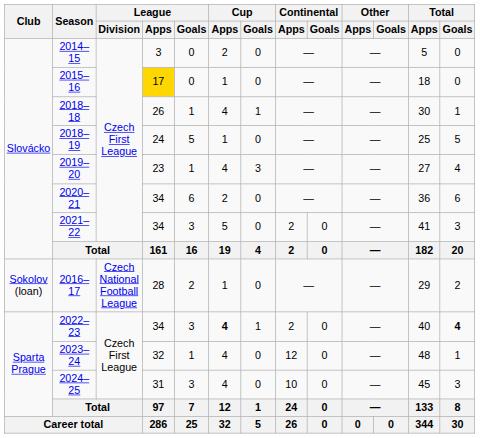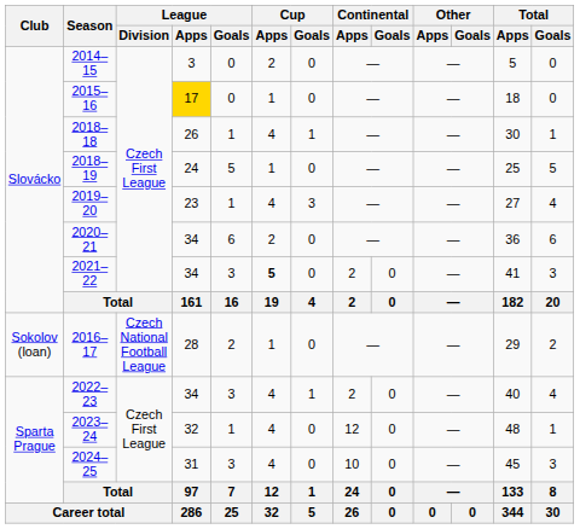 <table class="wikitable" style="text-align:center">
 <tr>
 <th rowspan="2">Club</th>
 <th rowspan="2">Season</th>
 <th colspan="3">League</th>
 <th colspan="2">Cup</th>
 <th colspan="2">Continental</th>
 <th colspan="2">Other</th>
 <th colspan="2">Total</th>
 </tr>
 <tr>
 <th>Division</th>
 <th>Apps</th>
 <th>Goals</th>
 <th>Apps</th>
 <th>Goals</th>
 <th>Apps</th>
 <th>Goals</th>
 <th>Apps</th>
 <th>Goals</th>
 <th>Apps</th>
 <th>Goals</th>
 </tr>
 <tr>
 <td rowspan="8"><a href='#'>Slovácko</a></td>
 <td><a href='#'>2014–15</a></td>
 <td rowspan="7"><a href='#'>Czech First League</a></td>
 <td>3</td>
 <td>0</td>
 <td>2</td>
 <td>0</td>
 <td colspan="2">—</td>
 <td colspan="2">—</td>
 <td>5</td>
 <td>0</td>
 </tr>
 <tr>
 <td><a href='#'>2015–16</a></td>
 <td style="background: gold;">17</td>
 <td>0</td>
 <td>1</td>
 <td>0</td>
 <td colspan="2">—</td>
 <td colspan="2">—</td>
 <td>18</td>
 <td>0</td>
 </tr>
 <tr>
 <td><a href='#'>2018–18</a></td>
 <td>26</td>
 <td>1</td>
 <td>4</td>
 <td>1</td>
 <td colspan="2">—</td>
 <td colspan="2">—</td>
 <td>30</td>
 <td>1</td>
 </tr>
 <tr>
 <td><a href='#'>2018–19</a></td>
 <td>24</td>
 <td>5</td>
 <td>1</td>
 <td>0</td>
 <td colspan="2">—</td>
 <td colspan="2">—</td>
 <td>25</td>
 <td>5</td>
 </tr>
 <tr>
 <td><a href='#'>2019–20</a></td>
 <td>23</td>
 <td>1</td>
 <td>4</td>
 <td>3</td>
 <td colspan="2">—</td>
 <td colspan="2">—</td>
 <td>27</td>
 <td>4</td>
 </tr>
 <tr>
 <td><a href='#'>2020–21</a></td>
 <td>34</td>
 <td>6</td>
 <td>2</td>
 <td>0</td>
 <td colspan="2">—</td>
 <td colspan="2">—</td>
 <td>36</td>
 <td>6</td>
 </tr>
 <tr>
 <td><a href='#'>2021–22</a></td>
 <td>34</td>
 <td>3</td>
-<td>5</td>
+<td><strong>5</strong></td>
 <td>0</td>
 <td>2</td>
 <td>0</td>
 <td colspan="2">—</td>
 <td>41</td>
 <td>3</td>
 </tr>
 <tr>
 <th colspan="2">Total</th>
 <th>161</th>
 <th>16</th>
 <th>19</th>
 <th>4</th>
 <th>2</th>
 <th>0</th>
 <th colspan="2">—</th>
 <th>182</th>
 <th>20</th>
 </tr>
 <tr>
 <td><a href='#'>Sokolov</a> (loan)</td>
 <td><a href='#'>2016–17</a></td>
 <td><a href='#'>Czech National Football League</a></td>
 <td>28</td>
 <td>2</td>
 <td>1</td>
 <td>0</td>
 <td colspan="2">—</td>
 <td colspan="2">—</td>
 <td>29</td>
 <td>2</td>
 </tr>
 <tr>
 <td rowspan="4"><a href='#'>Sparta Prague</a></td>
 <td><a href='#'>2022–23</a></td>
 <td rowspan="3">Czech First League</td>
 <td>34</td>
 <td>3</td>
-<td><strong>4</strong></td>
+<td>4</td>
 <td>1</td>
 <td>2</td>
 <td>0</td>
 <td colspan="2">—</td>
 <td>40</td>
-<td><strong>4</strong></td>
+<td>4</td>
 </tr>
 <tr>
 <td><a href='#'>2023–24</a></td>
 <td>32</td>
 <td>1</td>
 <td>4</td>
 <td>0</td>
 <td>12</td>
 <td>0</td>
 <td colspan="2">—</td>
 <td>48</td>
 <td>1</td>
 </tr>
 <tr>
 <td><a href='#'>2024–25</a></td>
 <td>31</td>
 <td>3</td>
 <td>4</td>
 <td>0</td>
 <td>10</td>
 <td>0</td>
 <td colspan="2">—</td>
 <td>45</td>
 <td>3</td>
 </tr>
 <tr>
 <th colspan="2">Total</th>
 <th>97</th>
 <th>7</th>
 <th>12</th>
 <th>1</th>
 <th>24</th>
 <th>0</th>
 <th colspan="2">—</th>
 <th>133</th>
 <th>8</th>
 </tr>
 <tr>
 <th colspan="3">Career total</th>
 <th>286</th>
 <th>25</th>
 <th>32</th>
 <th>5</th>
 <th>26</th>
 <th>0</th>
 <th>0</th>
 <th>0</th>
 <th>344</th>
 <th>30</th>
 </tr>
 </table>
